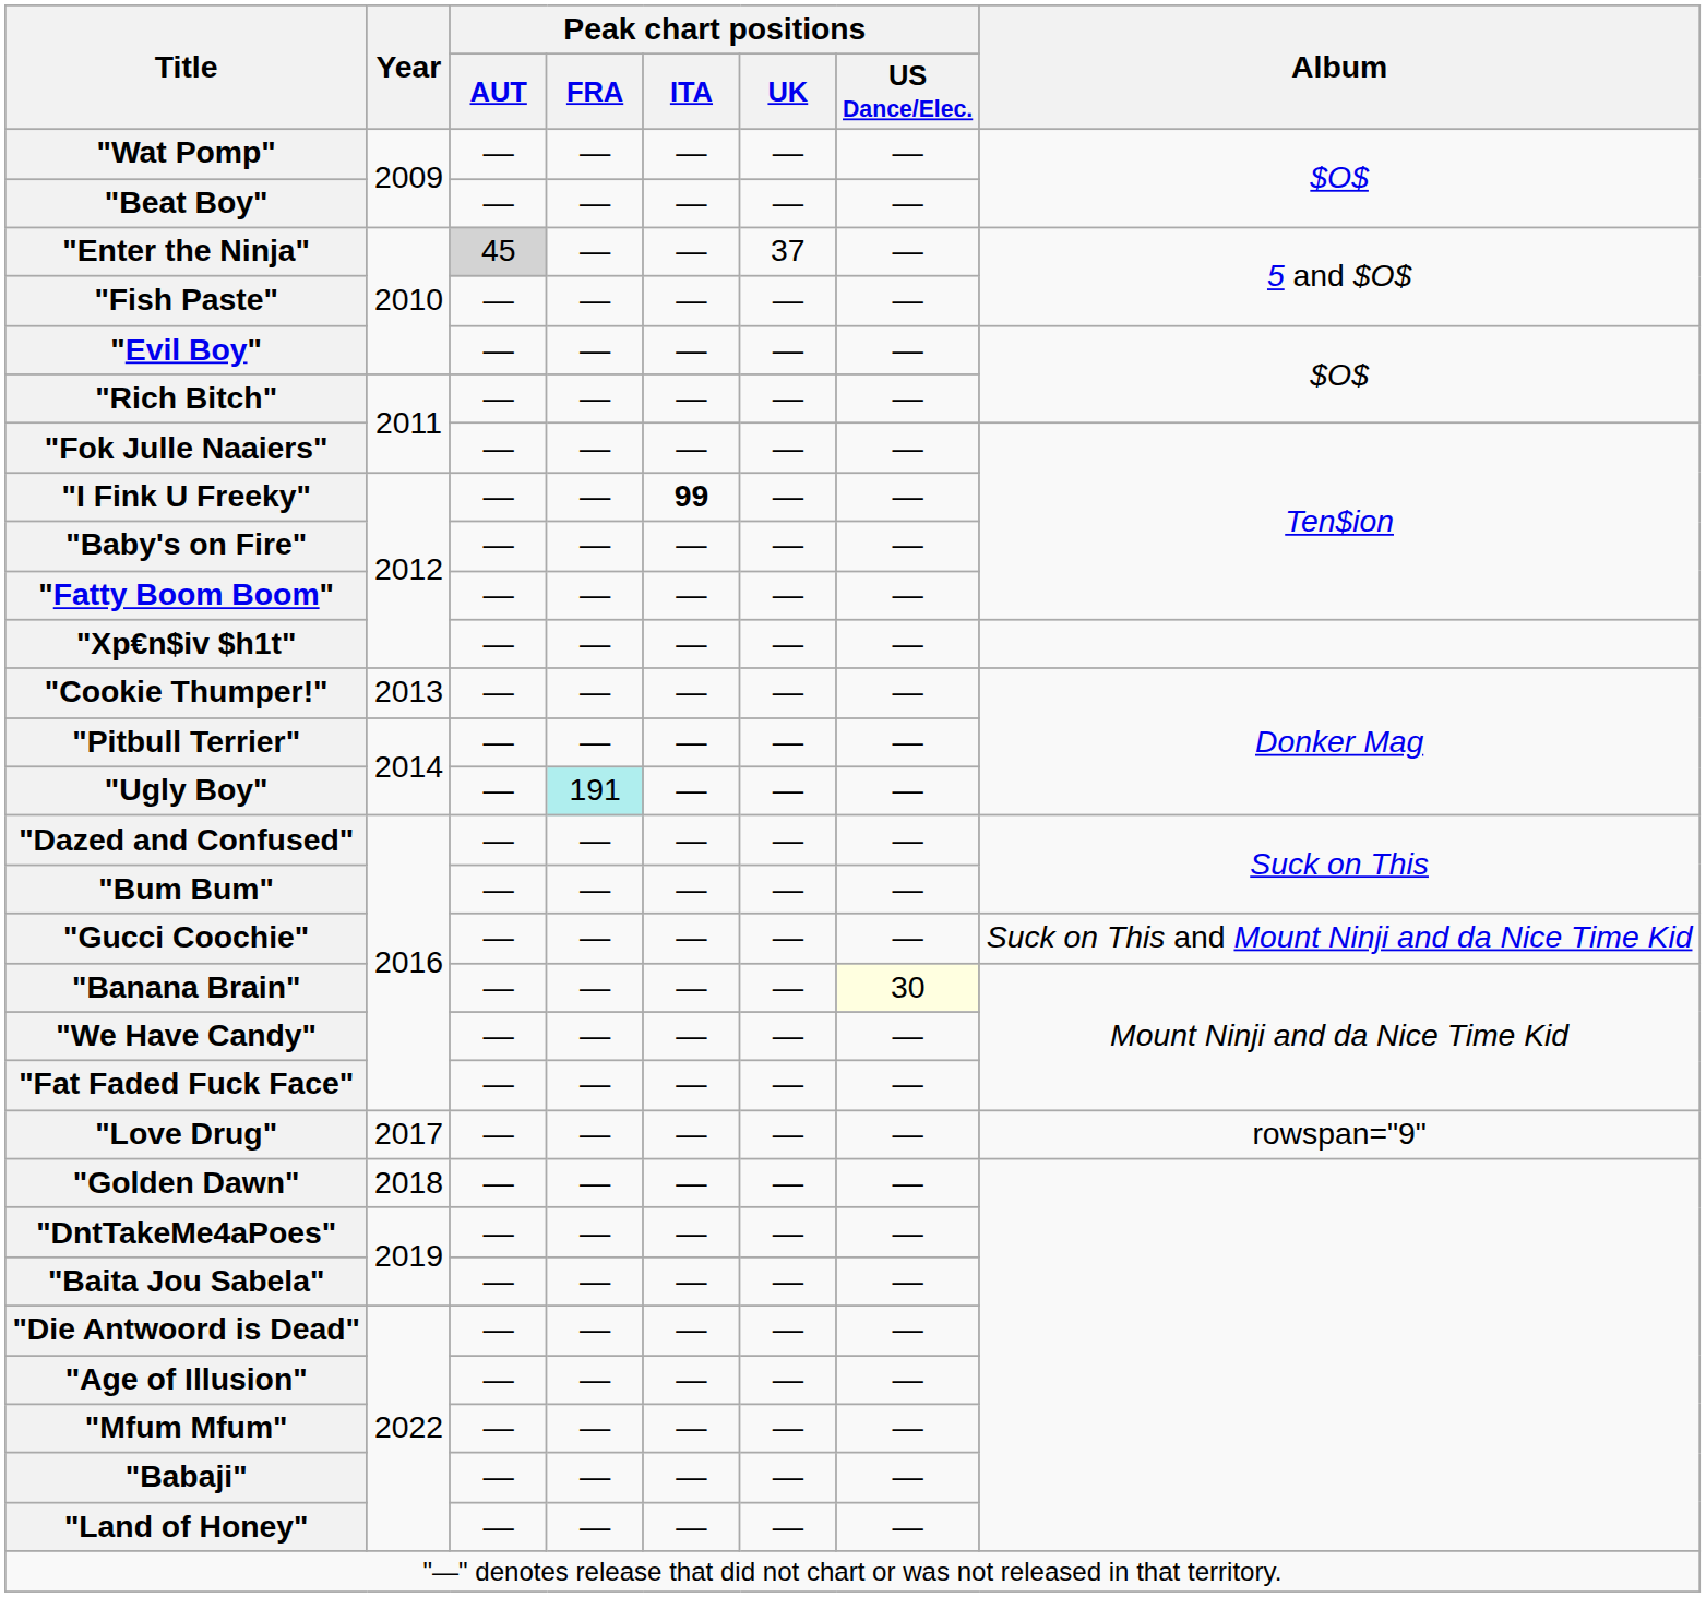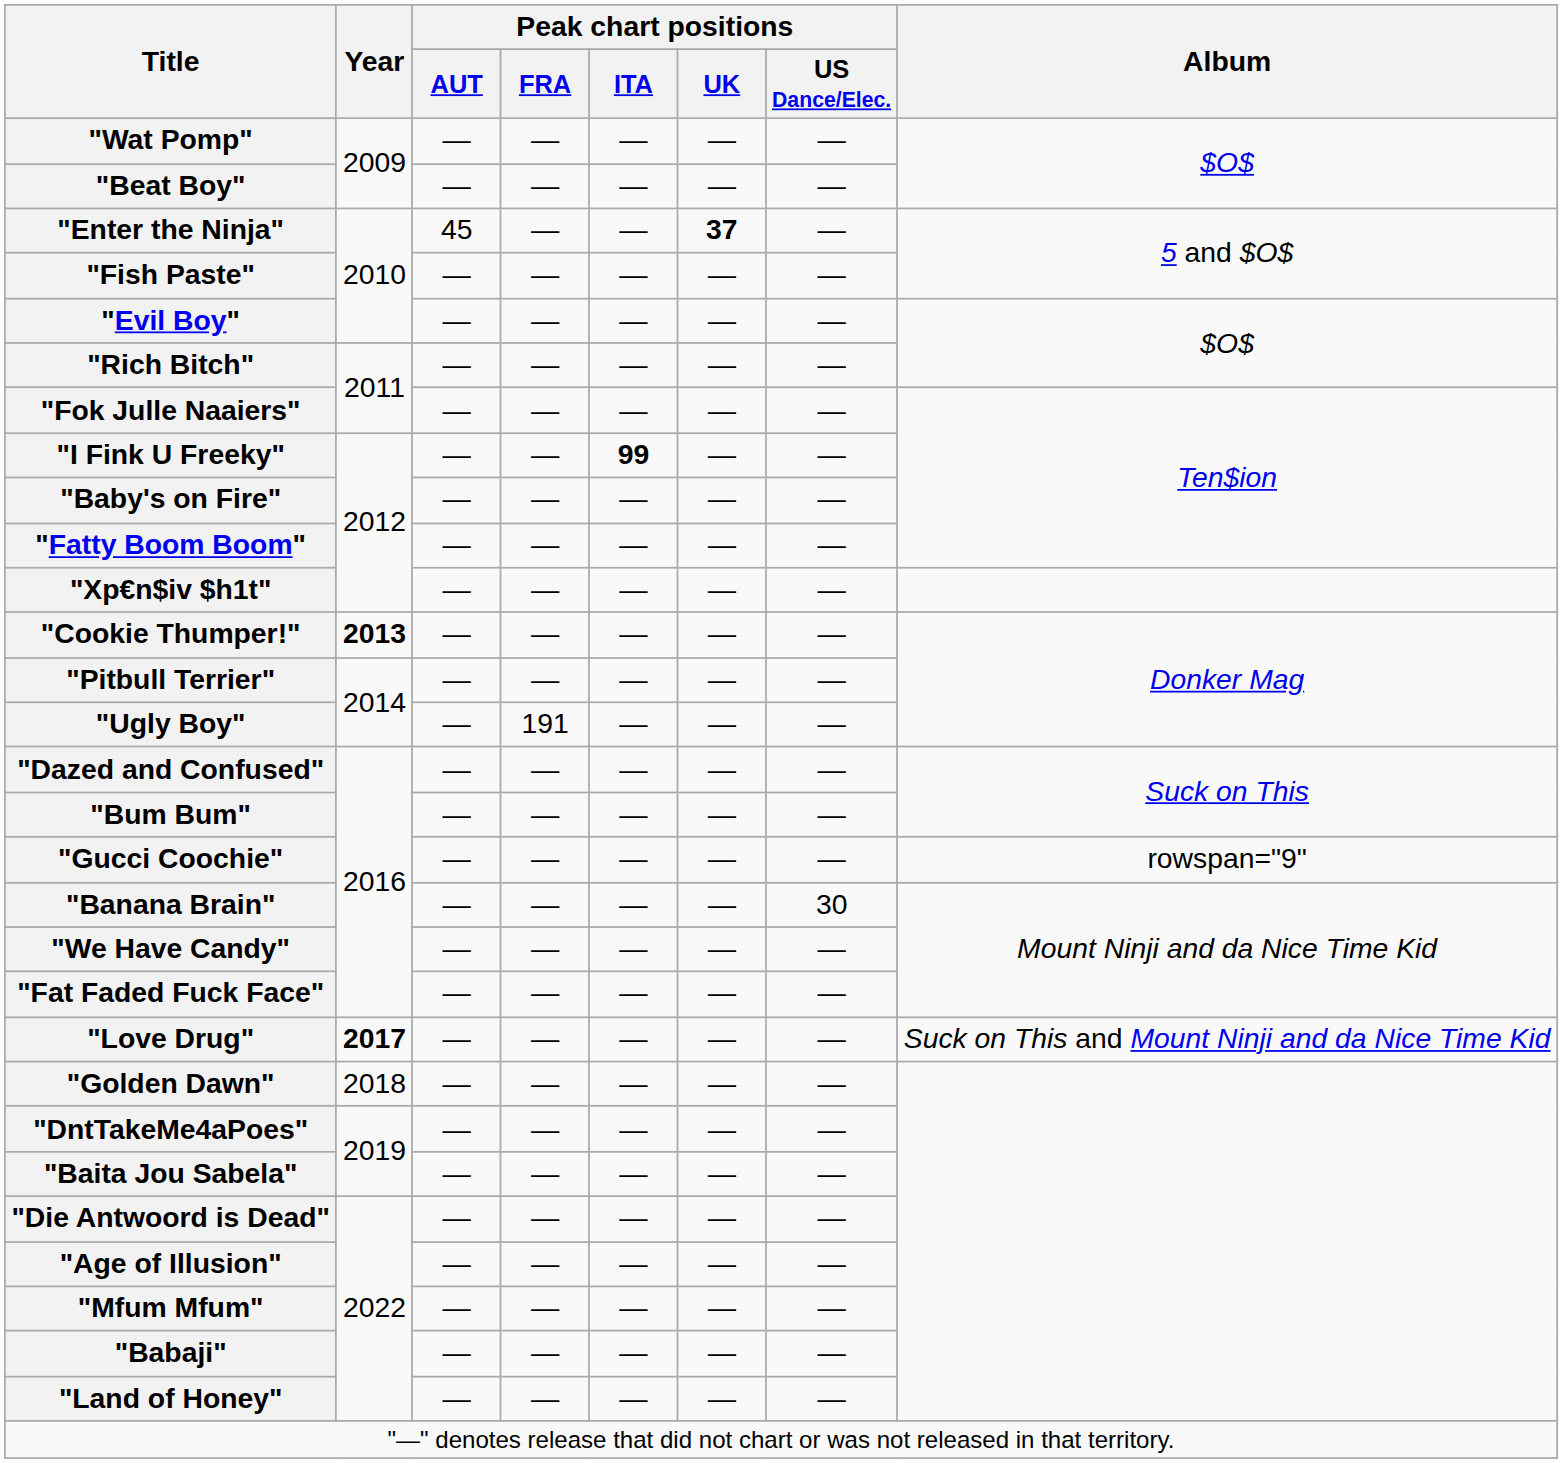 <table class="wikitable plainrowheaders" style="text-align:center;">
 <tr>
 <th scope="col" rowspan="2">Title</th>
 <th scope="col" rowspan="2">Year</th>
 <th scope="col" colspan="5">Peak chart positions</th>
 <th scope="col" rowspan="2">Album</th>
 </tr>
 <tr>
 <th scope="col" style="width:3em;font-size:90%;"><a href='#'>AUT</a><br></th>
 <th scope="col" style="width:3em;font-size:90%;"><a href='#'>FRA</a><br></th>
 <th scope="col" style="width:3em;font-size:90%;"><a href='#'>ITA</a><br></th>
 <th scope="col" style="width:3em;font-size:90%;"><a href='#'>UK</a><br></th>
 <th scope="col" style="width:3em;font-size:90%;">US<br><small><a href='#'>Dance/Elec.</a></small><br></th>
 </tr>
 <tr>
 <th scope="row">"Wat Pomp"</th>
 <td rowspan="2">2009</td>
 <td>—</td>
 <td>—</td>
 <td>—</td>
 <td>—</td>
 <td>—</td>
 <td rowspan="2"><em><a href='#'>$O$</a></em></td>
 </tr>
 <tr>
 <th scope="row">"Beat Boy"</th>
 <td>—</td>
 <td>—</td>
 <td>—</td>
 <td>—</td>
 <td>—</td>
 </tr>
 <tr>
 <th scope="row">"Enter the Ninja"</th>
 <td rowspan="3">2010</td>
-<td style="background: lightgrey;">45</td>
+<td>45</td>
 <td>—</td>
 <td>—</td>
-<td>37</td>
+<td><strong>37</strong></td>
 <td>—</td>
 <td rowspan="2"><em><a href='#'>5</a></em> and <em>$O$</em></td>
 </tr>
 <tr>
 <th scope="row">"Fish Paste"</th>
 <td>—</td>
 <td>—</td>
 <td>—</td>
 <td>—</td>
 <td>—</td>
 </tr>
 <tr>
 <th scope="row">"<a href='#'>Evil Boy</a>"</th>
 <td>—</td>
 <td>—</td>
 <td>—</td>
 <td>—</td>
 <td>—</td>
 <td rowspan="2"><em>$O$</em></td>
 </tr>
 <tr>
 <th scope="row">"Rich Bitch"</th>
 <td rowspan="2">2011</td>
 <td>—</td>
 <td>—</td>
 <td>—</td>
 <td>—</td>
 <td>—</td>
 </tr>
 <tr>
 <th scope="row">"Fok Julle Naaiers"</th>
 <td>—</td>
 <td>—</td>
 <td>—</td>
 <td>—</td>
 <td>—</td>
 <td rowspan="4"><em><a href='#'>Ten$ion</a></em></td>
 </tr>
 <tr>
 <th scope="row">"I Fink U Freeky"</th>
 <td rowspan="4">2012</td>
 <td>—</td>
 <td>—</td>
 <td><strong>99</strong></td>
 <td>—</td>
 <td>—</td>
 </tr>
 <tr>
 <th scope="row">"Baby's on Fire"</th>
 <td>—</td>
 <td>—</td>
 <td>—</td>
 <td>—</td>
 <td>—</td>
 </tr>
 <tr>
 <th scope="row">"<a href='#'>Fatty Boom Boom</a>"</th>
 <td>—</td>
 <td>—</td>
 <td>—</td>
 <td>—</td>
 <td>—</td>
 </tr>
 <tr>
 <th scope="row">"Xp€n$iv $h1t"</th>
 <td>—</td>
 <td>—</td>
 <td>—</td>
 <td>—</td>
 <td>—</td>
 <td></td>
 </tr>
 <tr>
 <th scope="row">"Cookie Thumper!"</th>
-<td>2013</td>
+<td><strong>2013</strong></td>
 <td>—</td>
 <td>—</td>
 <td>—</td>
 <td>—</td>
 <td>—</td>
 <td rowspan="3"><em><a href='#'>Donker Mag</a></em></td>
 </tr>
 <tr>
 <th scope="row">"Pitbull Terrier"</th>
 <td rowspan="2">2014</td>
 <td>—</td>
 <td>—</td>
 <td>—</td>
 <td>—</td>
 <td>—</td>
 </tr>
 <tr>
 <th scope="row">"Ugly Boy"</th>
 <td>—</td>
-<td style="background: paleturquoise;">191</td>
+<td>191</td>
 <td>—</td>
 <td>—</td>
 <td>—</td>
 </tr>
 <tr>
 <th scope="row">"Dazed and Confused" </th>
 <td rowspan="6">2016</td>
 <td>—</td>
 <td>—</td>
 <td>—</td>
 <td>—</td>
 <td>—</td>
 <td rowspan="2"><em><a href='#'>Suck on This</a></em></td>
 </tr>
 <tr>
 <th scope="row">"Bum Bum" </th>
 <td>—</td>
 <td>—</td>
 <td>—</td>
 <td>—</td>
 <td>—</td>
 </tr>
 <tr>
 <th scope="row">"Gucci Coochie"<br></th>
 <td>—</td>
 <td>—</td>
 <td>—</td>
 <td>—</td>
 <td>—</td>
-<td><em>Suck on This</em> and <em><a href='#'>Mount Ninji and da Nice Time Kid</a></em></td>
+<td>rowspan="9" </td>
 </tr>
 <tr>
 <th scope="row">"Banana Brain"</th>
 <td>—</td>
 <td>—</td>
 <td>—</td>
 <td>—</td>
-<td style="background: lightyellow;">30</td>
+<td>30</td>
 <td rowspan="3"><em>Mount Ninji and da Nice Time Kid</em></td>
 </tr>
 <tr>
 <th scope="row">"We Have Candy"</th>
 <td>—</td>
 <td>—</td>
 <td>—</td>
 <td>—</td>
 <td>—</td>
 </tr>
 <tr>
 <th scope="row">"Fat Faded Fuck Face"</th>
 <td>—</td>
 <td>—</td>
 <td>—</td>
 <td>—</td>
 <td>—</td>
 </tr>
 <tr>
 <th scope="row">"Love Drug"</th>
-<td>2017</td>
+<td><strong>2017</strong></td>
 <td>—</td>
 <td>—</td>
 <td>—</td>
 <td>—</td>
 <td>—</td>
-<td>rowspan="9" </td>
+<td><em>Suck on This</em> and <em><a href='#'>Mount Ninji and da Nice Time Kid</a></em></td>
 </tr>
 <tr>
 <th scope="row">"Golden Dawn"</th>
 <td>2018</td>
 <td>—</td>
 <td>—</td>
 <td>—</td>
 <td>—</td>
 <td>—</td>
 </tr>
 <tr>
 <th scope="row">"DntTakeMe4aPoes"<br></th>
 <td rowspan="2">2019</td>
 <td>—</td>
 <td>—</td>
 <td>—</td>
 <td>—</td>
 <td>—</td>
 </tr>
 <tr>
 <th scope="row">"Baita Jou Sabela"<br></th>
 <td>—</td>
 <td>—</td>
 <td>—</td>
 <td>—</td>
 <td>—</td>
 </tr>
 <tr>
 <th scope="row">"Die Antwoord is Dead"</th>
 <td rowspan="5">2022</td>
 <td>—</td>
 <td>—</td>
 <td>—</td>
 <td>—</td>
 <td>—</td>
 </tr>
 <tr>
 <th scope="row">"Age of Illusion"</th>
 <td>—</td>
 <td>—</td>
 <td>—</td>
 <td>—</td>
 <td>—</td>
 </tr>
 <tr>
 <th scope="row">"Mfum Mfum"</th>
 <td>—</td>
 <td>—</td>
 <td>—</td>
 <td>—</td>
 <td>—</td>
 </tr>
 <tr>
 <th scope="row">"Babaji"</th>
 <td>—</td>
 <td>—</td>
 <td>—</td>
 <td>—</td>
 <td>—</td>
 </tr>
 <tr>
 <th scope="row">"Land of Honey"</th>
 <td>—</td>
 <td>—</td>
 <td>—</td>
 <td>—</td>
 <td>—</td>
 </tr>
 <tr>
 <td colspan="10" style="font-size:85%">"—" denotes release that did not chart or was not released in that territory.</td>
 </tr>
 </table>
